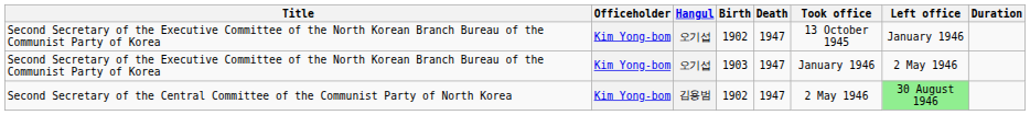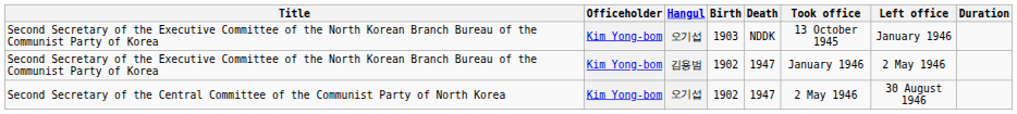 <table class="wikitable">
 <tr>
 <th scope="col"  class="unsortable">Title</th>
 <th scope="col">Officeholder</th>
 <th class="unsortable"><a href='#'>Hangul</a></th>
 <th scope="col">Birth</th>
 <th scope="col">Death</th>
 <th scope="col">Took office</th>
 <th scope="col">Left office</th>
 <th scope="col">Duration</th>
 </tr>
 <tr>
 <td>Second Secretary of the Executive Committee of the North Korean Branch Bureau of the Communist Party of Korea</td>
 <th align="center" scope="row" style="font-weight:normal;"><a href='#'>Kim Yong-bom</a></th>
 <th align="center" scope="row" style="font-weight:normal;">오기섭</th>
-<td align="center">1902</td>
-<td align="center">1947</td>
+<td align="center">1903</td>
+<td align="center">NDDK</td>
 <td align="center">13 October 1945</td>
 <td align="center">January 1946</td>
 <td align="center"></td>
 </tr>
 <tr>
 <td>Second Secretary of the Executive Committee of the North Korean Branch Bureau of the Communist Party of Korea</td>
 <th align="center" scope="row" style="font-weight:normal;"><a href='#'>Kim Yong-bom</a></th>
-<th align="center" scope="row" style="font-weight:normal;">오기섭</th>
-<td align="center">1903</td>
+<th align="center" scope="row" style="font-weight:normal;">김용범</th>
+<td align="center">1902</td>
 <td align="center">1947</td>
 <td align="center">January 1946</td>
 <td align="center">2 May 1946</td>
 <td align="center"></td>
 </tr>
 <tr>
 <td>Second Secretary of the Central Committee of the Communist Party of North Korea</td>
 <th align="center" scope="row" style="font-weight:normal;"><a href='#'>Kim Yong-bom</a></th>
-<th align="center" scope="row" style="font-weight:normal;">김용범</th>
+<th align="center" scope="row" style="font-weight:normal;">오기섭</th>
 <td align="center">1902</td>
 <td align="center">1947</td>
 <td align="center">2 May 1946</td>
-<td align="center" style="background: lightgreen;">30 August 1946</td>
+<td align="center">30 August 1946</td>
 <td align="center"></td>
 </tr>
 </table>
